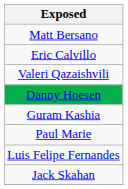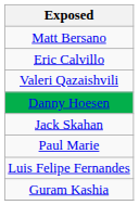 <table class="wikitable" style="text-align:center">
 <tr>
 <th>Exposed</th>
 </tr>
 <tr>
 <td><a href='#'>Matt Bersano</a></td>
 </tr>
 <tr>
 <td><a href='#'>Eric Calvillo</a></td>
 </tr>
 <tr>
 <td><a href='#'>Valeri Qazaishvili</a></td>
 </tr>
 <tr>
 <td style="background: #03AF4B"><a href='#'>Danny Hoesen</a></td>
 </tr>
 <tr>
-<td><a href='#'>Guram Kashia</a></td>
+<td><a href='#'>Jack Skahan</a></td>
 </tr>
 <tr>
 <td><a href='#'>Paul Marie</a></td>
 </tr>
 <tr>
 <td><a href='#'>Luis Felipe Fernandes</a></td>
 </tr>
 <tr>
-<td><a href='#'>Jack Skahan</a></td>
+<td><a href='#'>Guram Kashia</a></td>
 </tr>
 <tr>
 </tr>
 </table>
